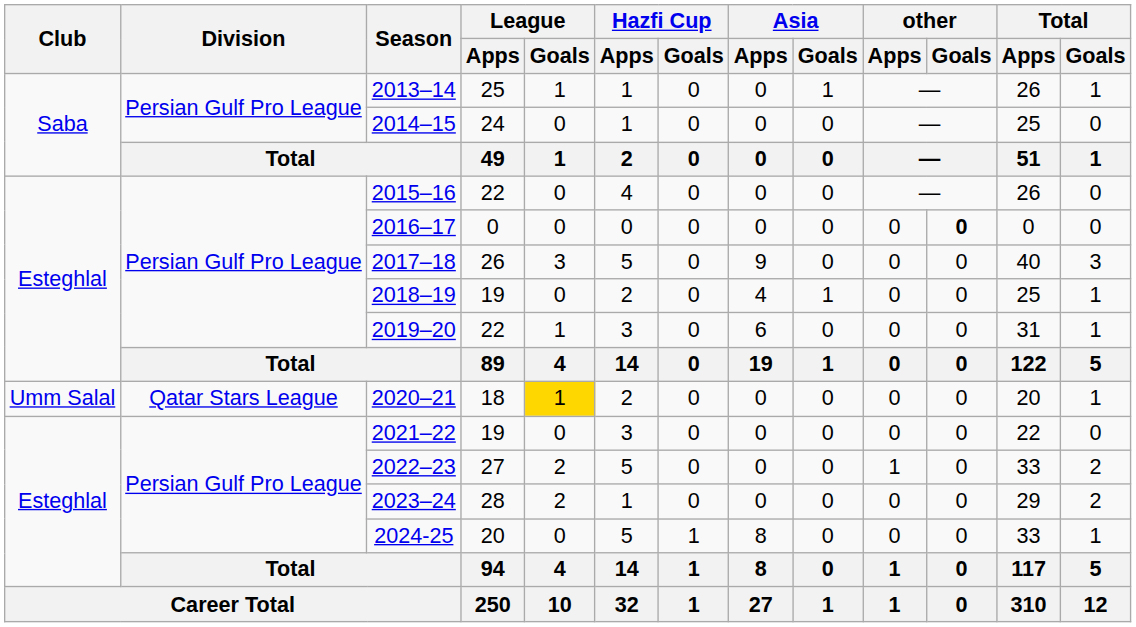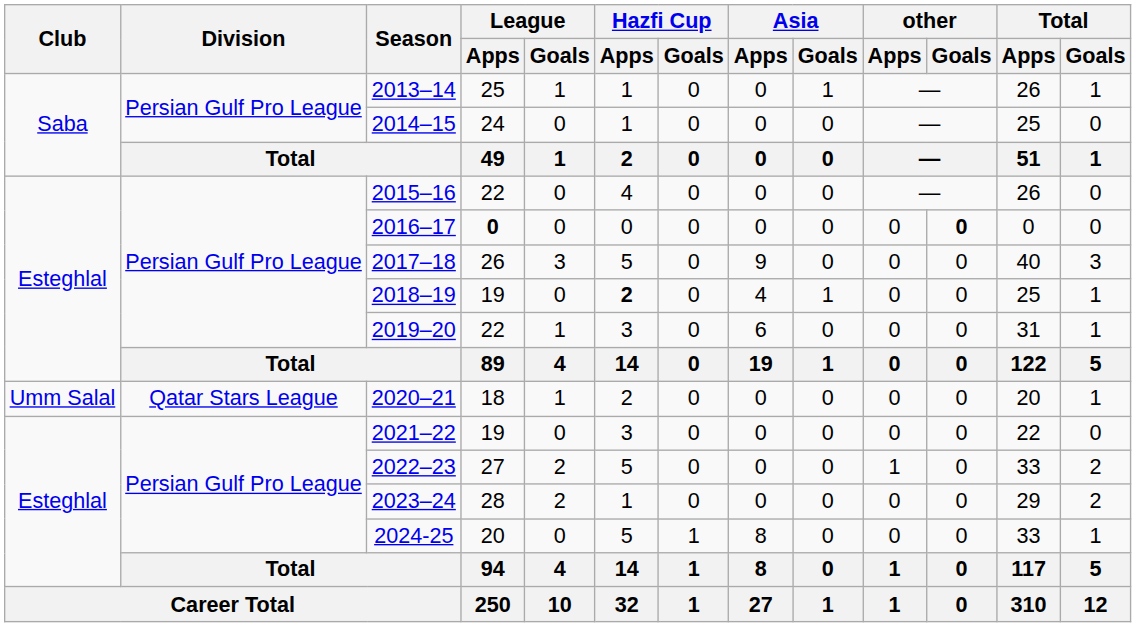 <table class="wikitable" style="text-align: center;">
 <tr>
 <th rowspan="2">Club</th>
 <th rowspan="2">Division</th>
 <th rowspan="2">Season</th>
 <th colspan="2">League</th>
 <th colspan="2"><a href='#'>Hazfi Cup</a></th>
 <th colspan="2"><a href='#'>Asia</a></th>
 <th colspan="2">other</th>
 <th colspan="2">Total</th>
 </tr>
 <tr>
 <th>Apps</th>
 <th>Goals</th>
 <th>Apps</th>
 <th>Goals</th>
 <th>Apps</th>
 <th>Goals</th>
 <th>Apps</th>
 <th>Goals</th>
 <th>Apps</th>
 <th>Goals</th>
 </tr>
 <tr>
 <td rowspan="3"><a href='#'>Saba</a></td>
 <td rowspan="2"><a href='#'>Persian Gulf Pro League</a></td>
 <td><a href='#'>2013–14</a></td>
 <td>25</td>
 <td>1</td>
 <td>1</td>
 <td>0</td>
 <td>0</td>
 <td>1</td>
 <td colspan="2">—</td>
 <td>26</td>
 <td>1</td>
 </tr>
 <tr>
 <td><a href='#'>2014–15</a></td>
 <td>24</td>
 <td>0</td>
 <td>1</td>
 <td>0</td>
 <td>0</td>
 <td>0</td>
 <td colspan="2">—</td>
 <td>25</td>
 <td>0</td>
 </tr>
 <tr>
 <th colspan="2">Total</th>
 <th>49</th>
 <th>1</th>
 <th>2</th>
 <th>0</th>
 <th>0</th>
 <th>0</th>
 <th colspan="2">—</th>
 <th>51</th>
 <th>1</th>
 </tr>
 <tr>
 <td rowspan="6"><a href='#'>Esteghlal</a></td>
 <td rowspan="5"><a href='#'>Persian Gulf Pro League</a></td>
 <td><a href='#'>2015–16</a></td>
 <td>22</td>
 <td>0</td>
 <td>4</td>
 <td>0</td>
 <td>0</td>
 <td>0</td>
 <td colspan="2">—</td>
 <td>26</td>
 <td>0</td>
 </tr>
 <tr>
 <td><a href='#'>2016–17</a></td>
-<td>0</td>
+<td><strong>0</strong></td>
 <td>0</td>
 <td>0</td>
 <td>0</td>
 <td>0</td>
 <td>0</td>
 <td>0</td>
 <td><strong>0</strong></td>
 <td>0</td>
 <td>0</td>
 </tr>
 <tr>
 <td><a href='#'>2017–18</a></td>
 <td>26</td>
 <td>3</td>
 <td>5</td>
 <td>0</td>
 <td>9</td>
 <td>0</td>
 <td>0</td>
 <td>0</td>
 <td>40</td>
 <td>3</td>
 </tr>
 <tr>
 <td><a href='#'>2018–19</a></td>
 <td>19</td>
 <td>0</td>
-<td>2</td>
+<td><strong>2</strong></td>
 <td>0</td>
 <td>4</td>
 <td>1</td>
 <td>0</td>
 <td>0</td>
 <td>25</td>
 <td>1</td>
 </tr>
 <tr>
 <td><a href='#'>2019–20</a></td>
 <td>22</td>
 <td>1</td>
 <td>3</td>
 <td>0</td>
 <td>6</td>
 <td>0</td>
 <td>0</td>
 <td>0</td>
 <td>31</td>
 <td>1</td>
 </tr>
 <tr>
 <th colspan="2">Total</th>
 <th>89</th>
 <th>4</th>
 <th>14</th>
 <th>0</th>
 <th>19</th>
 <th>1</th>
 <th>0</th>
 <th>0</th>
 <th>122</th>
 <th>5</th>
 </tr>
 <tr>
 <td><a href='#'>Umm Salal</a></td>
 <td><a href='#'>Qatar Stars League</a></td>
 <td><a href='#'>2020–21</a></td>
 <td>18</td>
-<td style="background: gold;">1</td>
+<td>1</td>
 <td>2</td>
 <td>0</td>
 <td>0</td>
 <td>0</td>
 <td>0</td>
 <td>0</td>
 <td>20</td>
 <td>1</td>
 </tr>
 <tr>
 <td rowspan="5"><a href='#'>Esteghlal</a></td>
 <td rowspan="4"><a href='#'>Persian Gulf Pro League</a></td>
 <td><a href='#'>2021–22</a></td>
 <td>19</td>
 <td>0</td>
 <td>3</td>
 <td>0</td>
 <td>0</td>
 <td>0</td>
 <td>0</td>
 <td>0</td>
 <td>22</td>
 <td>0</td>
 </tr>
 <tr>
 <td><a href='#'>2022–23</a></td>
 <td>27</td>
 <td>2</td>
 <td>5</td>
 <td>0</td>
 <td>0</td>
 <td>0</td>
 <td>1</td>
 <td>0</td>
 <td>33</td>
 <td>2</td>
 </tr>
 <tr>
 <td><a href='#'>2023–24</a></td>
 <td>28</td>
 <td>2</td>
 <td>1</td>
 <td>0</td>
 <td>0</td>
 <td>0</td>
 <td>0</td>
 <td>0</td>
 <td>29</td>
 <td>2</td>
 </tr>
 <tr>
 <td><a href='#'>2024-25</a></td>
 <td>20</td>
 <td>0</td>
 <td>5</td>
 <td>1</td>
 <td>8</td>
 <td>0</td>
 <td>0</td>
 <td>0</td>
 <td>33</td>
 <td>1</td>
 </tr>
 <tr>
 <th colspan="2">Total</th>
 <th>94</th>
 <th>4</th>
 <th>14</th>
 <th>1</th>
 <th>8</th>
 <th>0</th>
 <th>1</th>
 <th>0</th>
 <th>117</th>
 <th>5</th>
 </tr>
 <tr>
 <th colspan="3">Career Total</th>
 <th>250</th>
 <th>10</th>
 <th>32</th>
 <th>1</th>
 <th>27</th>
 <th>1</th>
 <th>1</th>
 <th>0</th>
 <th>310</th>
 <th>12</th>
 </tr>
 </table>
